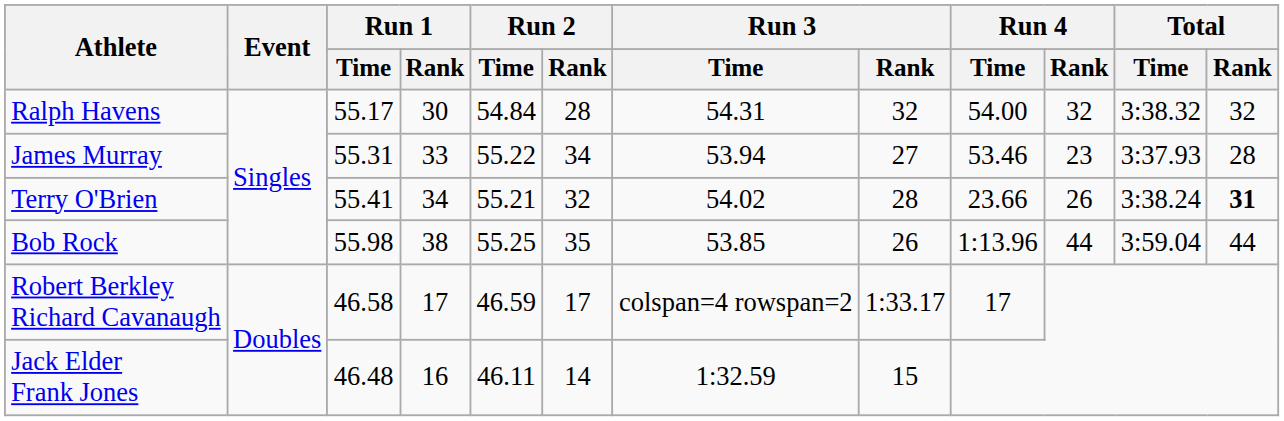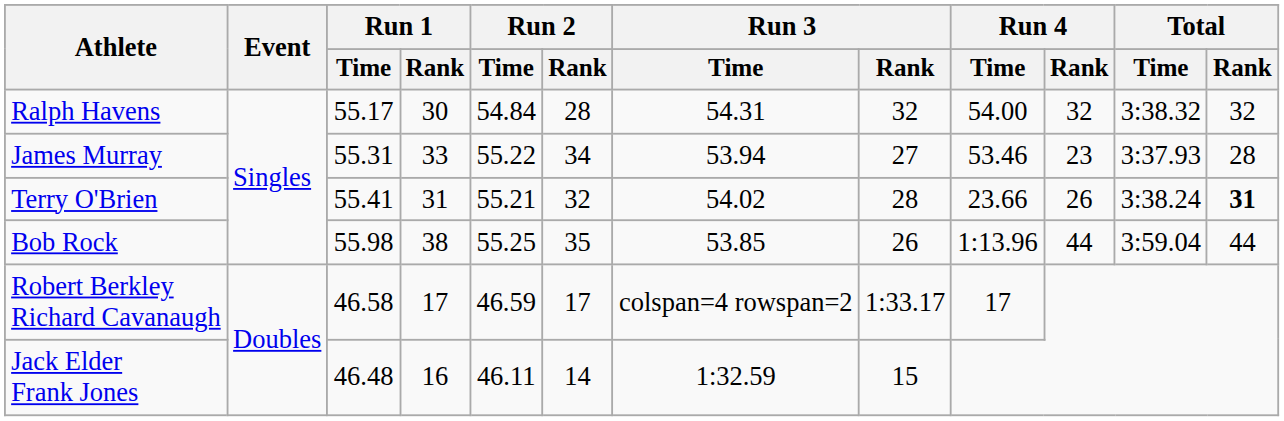 <table class=wikitable style=font-size:90%;text-align:center>
 <tr>
 <th rowspan=2>Athlete</th>
 <th rowspan=2>Event</th>
 <th colspan=2>Run 1</th>
 <th colspan=2>Run 2</th>
 <th colspan=2>Run 3</th>
 <th colspan=2>Run 4</th>
 <th colspan=2>Total</th>
 </tr>
 <tr style=font-size:95%>
 <th>Time</th>
 <th>Rank</th>
 <th>Time</th>
 <th>Rank</th>
 <th>Time</th>
 <th>Rank</th>
 <th>Time</th>
 <th>Rank</th>
 <th>Time</th>
 <th>Rank</th>
 </tr>
 <tr>
 <td align=left><a href='#'>Ralph Havens</a></td>
 <td align=left rowspan=4><a href='#'>Singles</a></td>
 <td>55.17</td>
 <td>30</td>
 <td>54.84</td>
 <td>28</td>
 <td>54.31</td>
 <td>32</td>
 <td>54.00</td>
 <td>32</td>
 <td>3:38.32</td>
 <td>32</td>
 </tr>
 <tr>
 <td align=left><a href='#'>James Murray</a></td>
 <td>55.31</td>
 <td>33</td>
 <td>55.22</td>
 <td>34</td>
 <td>53.94</td>
 <td>27</td>
 <td>53.46</td>
 <td>23</td>
 <td>3:37.93</td>
 <td>28</td>
 </tr>
 <tr>
 <td align=left><a href='#'>Terry O'Brien</a></td>
 <td>55.41</td>
-<td>34</td>
+<td>31</td>
 <td>55.21</td>
 <td>32</td>
 <td>54.02</td>
 <td>28</td>
 <td>23.66</td>
 <td>26</td>
 <td>3:38.24</td>
 <td><strong>31</strong></td>
 </tr>
 <tr>
 <td align=left><a href='#'>Bob Rock</a></td>
 <td>55.98</td>
 <td>38</td>
 <td>55.25</td>
 <td>35</td>
 <td>53.85</td>
 <td>26</td>
 <td>1:13.96</td>
 <td>44</td>
 <td>3:59.04</td>
 <td>44</td>
 </tr>
 <tr>
 <td align=left><a href='#'>Robert Berkley</a><br><a href='#'>Richard Cavanaugh</a></td>
 <td align=left rowspan=2><a href='#'>Doubles</a></td>
 <td>46.58</td>
 <td>17</td>
 <td>46.59</td>
 <td>17</td>
 <td>colspan=4 rowspan=2 </td>
 <td>1:33.17</td>
 <td>17</td>
 </tr>
 <tr>
 <td align=left><a href='#'>Jack Elder</a><br><a href='#'>Frank Jones</a></td>
 <td>46.48</td>
 <td>16</td>
 <td>46.11</td>
 <td>14</td>
 <td>1:32.59</td>
 <td>15</td>
 </tr>
 </table>
